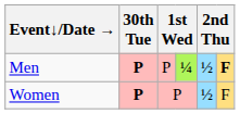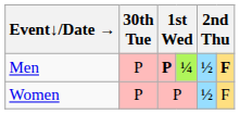 <table class="wikitable" style="margin:0.5em auto; font-size:90%; line-height:1.25em; text-align:center;">
 <tr>
 <th>Event↓/Date →</th>
 <th>30th<br>Tue</th>
 <th colspan=2>1st<br>Wed</th>
 <th colspan=2>2nd<br>Thu</th>
 </tr>
 <tr>
 <td style="text-align:left;"><a href='#'>Men</a></td>
+<td bgcolor="#FFBBBB">P</td>
 <td bgcolor="#FFBBBB"><strong>P</strong></td>
-<td bgcolor="#FFBBBB">P</td>
 <td bgcolor="#AFF55B">¼</td>
 <td bgcolor="#97DEFF">½</td>
 <td bgcolor="#FFDF80"><strong>F</strong></td>
 </tr>
 <tr>
 <td style="text-align:left;"><a href='#'>Women</a></td>
-<td bgcolor="#FFBBBB"><strong>P</strong></td>
+<td bgcolor="#FFBBBB">P</td>
 <td colspan=2 bgcolor="#FFBBBB">P</td>
 <td bgcolor="#97DEFF">½</td>
 <td bgcolor="#FFDF80">F</td>
 </tr>
 </table>
